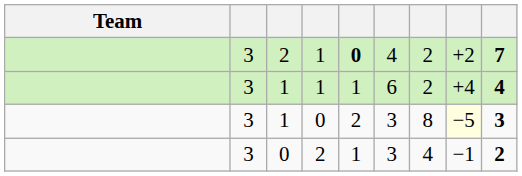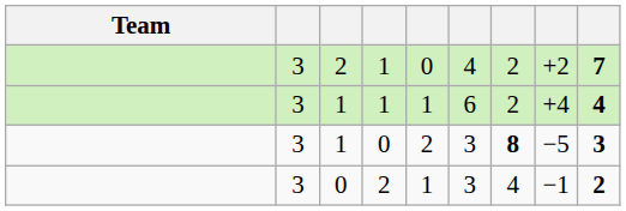 <table class="wikitable" style="text-align: center;">
 <tr>
 <th width=165>Team</th>
 <th width=20></th>
 <th width=20></th>
 <th width=20></th>
 <th width=20></th>
 <th width=20></th>
 <th width=20></th>
 <th width=20></th>
 <th width=20></th>
 </tr>
 <tr bgcolor="#D0F0C0">
 <td style="text-align:left;"></td>
 <td>3</td>
 <td>2</td>
 <td>1</td>
-<td><strong>0</strong></td>
+<td>0</td>
 <td>4</td>
 <td>2</td>
 <td>+2</td>
 <td><strong>7</strong></td>
 </tr>
 <tr bgcolor="#D0F0C0">
 <td style="text-align:left;"></td>
 <td>3</td>
 <td>1</td>
 <td>1</td>
 <td>1</td>
 <td>6</td>
 <td>2</td>
 <td>+4</td>
 <td><strong>4</strong></td>
 </tr>
 <tr>
 <td style="text-align:left;"></td>
 <td>3</td>
 <td>1</td>
 <td>0</td>
 <td>2</td>
 <td>3</td>
-<td>8</td>
-<td style="background: lightyellow;">−5</td>
+<td><strong>8</strong></td>
+<td>−5</td>
 <td><strong>3</strong></td>
 </tr>
 <tr>
 <td style="text-align:left;"></td>
 <td>3</td>
 <td>0</td>
 <td>2</td>
 <td>1</td>
 <td>3</td>
 <td>4</td>
 <td>−1</td>
 <td><strong>2</strong></td>
 </tr>
 </table>
